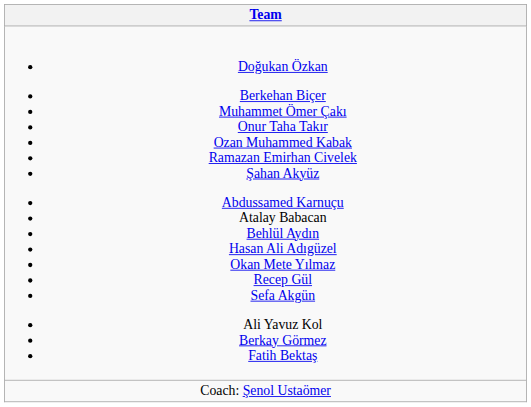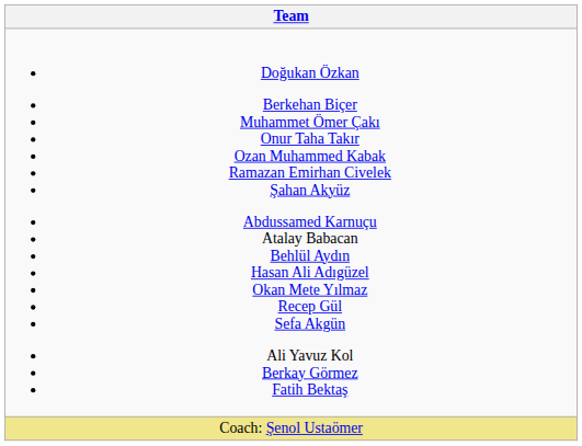 <table class="wikitable" style="text-align: center;">
 <tr>
 <th width=600><a href='#'>Team</a></th>
 </tr>
 <tr>
 <td><br><ul><li><a href='#'>Doğukan Özkan</a></li></ul><ul><li><a href='#'>Berkehan Biçer</a></li><li><a href='#'>Muhammet Ömer Çakı</a></li><li><a href='#'>Onur Taha Takır</a></li><li><a href='#'>Ozan Muhammed Kabak</a></li><li><a href='#'>Ramazan Emirhan Civelek</a></li><li><a href='#'>Şahan Akyüz</a></li></ul><ul><li><a href='#'>Abdussamed Karnuçu</a></li><li>Atalay Babacan</li><li><a href='#'>Behlül Aydın</a></li><li><a href='#'>Hasan Ali Adıgüzel</a></li><li><a href='#'>Okan Mete Yılmaz</a></li><li><a href='#'>Recep Gül</a></li><li><a href='#'>Sefa Akgün</a></li></ul><ul><li>Ali Yavuz Kol</li><li><a href='#'>Berkay Görmez</a></li><li><a href='#'>Fatih Bektaş</a></li></ul></td>
 </tr>
 <tr>
-<td>Coach:  <a href='#'>Şenol Ustaömer</a></td>
+<td style="background: khaki;">Coach:  <a href='#'>Şenol Ustaömer</a></td>
 </tr>
 </table>
